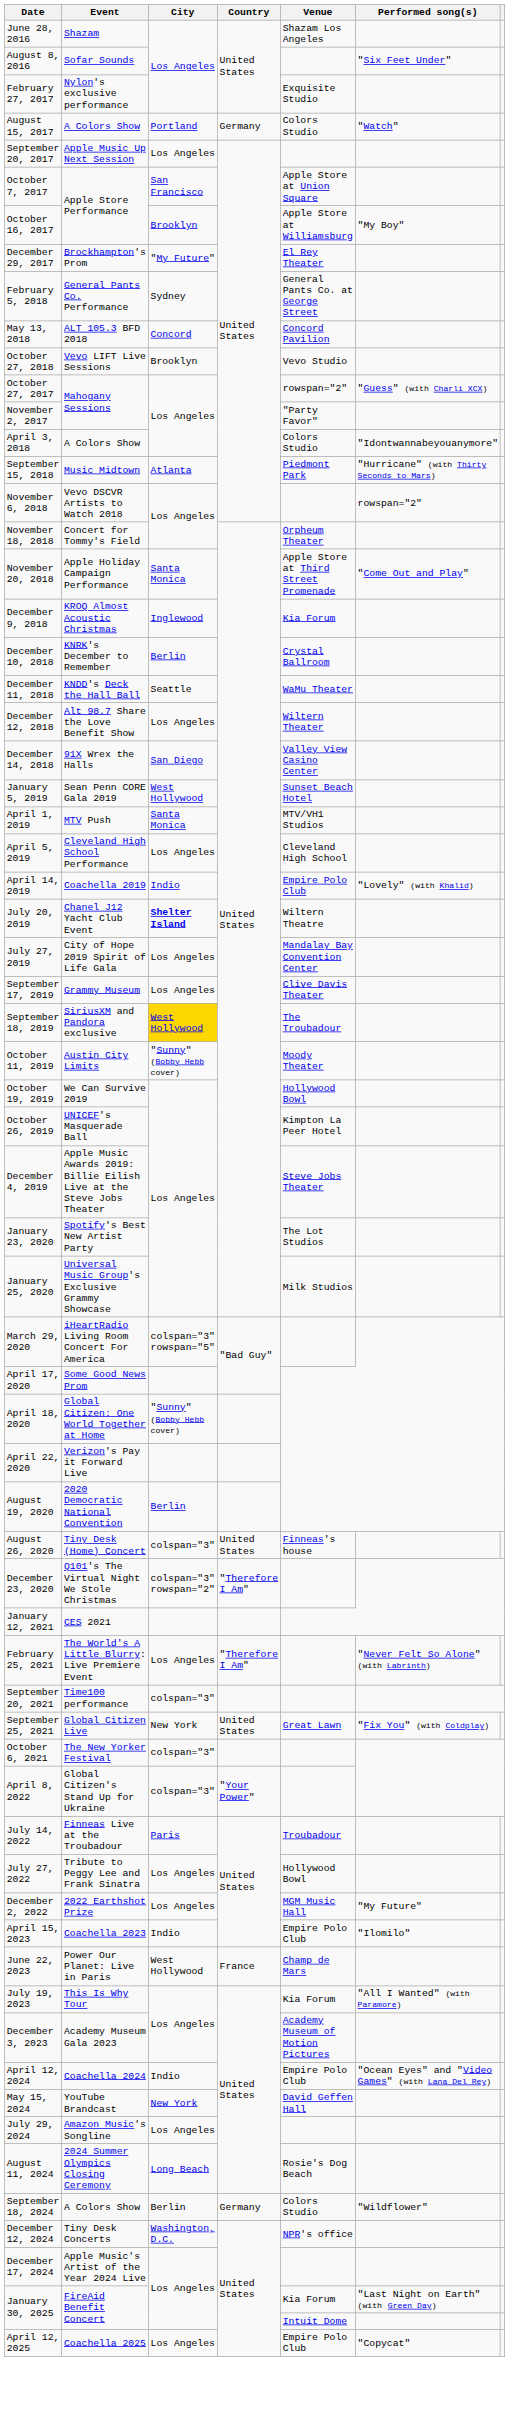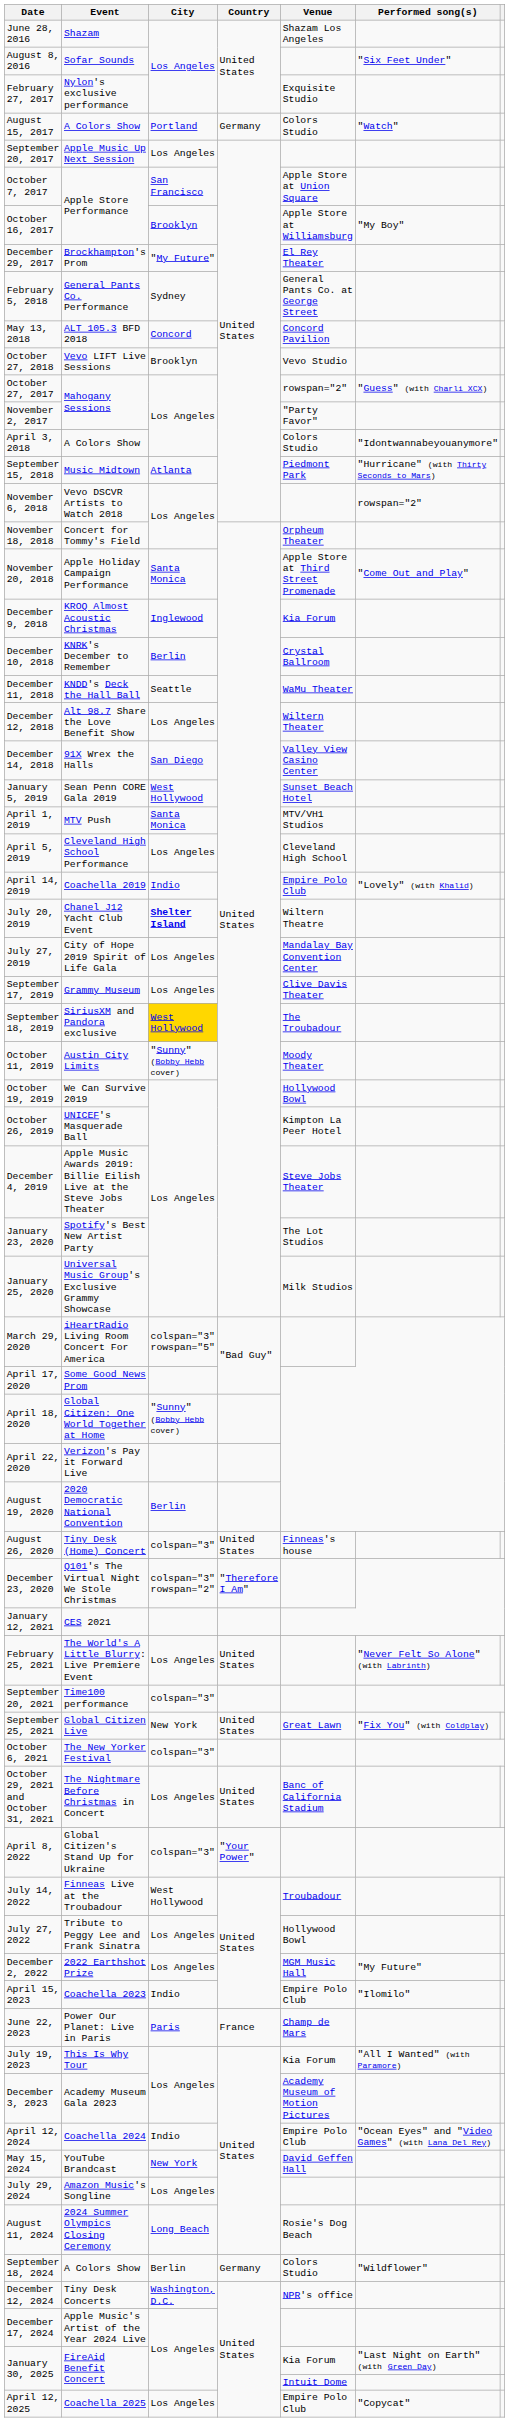 <table class="wikitable plainrowheaders">
 <tr>
 <th scope="col">Date</th>
 <th scope="col" class="unsortable">Event</th>
 <th scope="col" class="unsortable">City</th>
 <th>Country</th>
 <th>Venue</th>
 <th scope="col" class="unsortable">Performed song(s)</th>
 <th scope="col" class="unsortable"></th>
 </tr>
 <tr>
 <td>June 28, 2016</td>
 <td><a href='#'>Shazam</a></td>
 <td rowspan="3"><a href='#'>Los Angeles</a></td>
 <td rowspan="3">United States</td>
 <td>Shazam Los Angeles</td>
 <td></td>
 <td></td>
 </tr>
 <tr>
 <td>August 8, 2016</td>
 <td><a href='#'>Sofar Sounds</a></td>
 <td></td>
 <td>"<a href='#'>Six Feet Under</a>"</td>
 <td></td>
 </tr>
 <tr>
 <td>February 27, 2017</td>
 <td><a href='#'>Nylon</a>'s exclusive performance</td>
 <td>Exquisite Studio</td>
 <td></td>
 <td></td>
 </tr>
 <tr>
 <td>August 15, 2017</td>
 <td><a href='#'>A Colors Show</a></td>
 <td><a href='#'>Portland</a></td>
 <td>Germany</td>
 <td>Colors Studio</td>
 <td>"<a href='#'>Watch</a>"</td>
 <td></td>
 </tr>
 <tr>
 <td>September 20, 2017</td>
 <td><a href='#'>Apple Music Up Next Session</a></td>
 <td>Los Angeles</td>
 <td rowspan="12">United States</td>
 <td></td>
 <td></td>
 <td></td>
 </tr>
 <tr>
 <td>October 7, 2017</td>
 <td rowspan="2">Apple Store Performance</td>
 <td><a href='#'>San Francisco</a></td>
 <td>Apple Store at <a href='#'>Union Square</a></td>
 <td></td>
 <td></td>
 </tr>
 <tr>
 <td>October 16, 2017</td>
 <td><a href='#'>Brooklyn</a></td>
 <td>Apple Store at <a href='#'>Williamsburg</a></td>
 <td>"My Boy"</td>
 <td></td>
 </tr>
 <tr>
 <td>December 29, 2017</td>
 <td><a href='#'>Brockhampton</a>'s Prom</td>
 <td>"<a href='#'>My Future</a>"</td>
 <td><a href='#'>El Rey Theater</a></td>
 <td></td>
 </tr>
 <tr>
 <td>February 5, 2018</td>
 <td><a href='#'>General Pants Co.</a> Performance</td>
 <td>Sydney</td>
 <td>General Pants Co. at <a href='#'>George Street</a></td>
 <td></td>
 <td></td>
 </tr>
 <tr>
 <td>May 13, 2018</td>
 <td><a href='#'>ALT 105.3</a> BFD 2018</td>
 <td><a href='#'>Concord</a></td>
 <td><a href='#'>Concord Pavilion</a></td>
 <td></td>
 <td></td>
 </tr>
 <tr>
 <td>October 27, 2018</td>
 <td><a href='#'>Vevo</a> LIFT Live Sessions</td>
 <td>Brooklyn</td>
 <td>Vevo Studio</td>
 <td></td>
 <td></td>
 </tr>
 <tr>
 <td>October 27, 2017</td>
 <td rowspan="2"><a href='#'>Mahogany Sessions</a></td>
 <td rowspan="3">Los Angeles</td>
 <td>rowspan="2" </td>
 <td>"<a href='#'>Guess</a>" <small>(with <a href='#'>Charli XCX</a>)</small></td>
 <td></td>
 </tr>
 <tr>
 <td>November 2, 2017</td>
 <td>"Party Favor"</td>
 <td></td>
 </tr>
 <tr>
 <td>April 3, 2018</td>
 <td>A Colors Show</td>
 <td>Colors Studio</td>
 <td>"Idontwannabeyouanymore"</td>
 <td></td>
 </tr>
 <tr>
 <td>September 15, 2018</td>
 <td><a href='#'>Music Midtown</a></td>
 <td><a href='#'>Atlanta</a></td>
 <td><a href='#'>Piedmont Park</a></td>
 <td>"Hurricane" <small>(with <a href='#'>Thirty Seconds to Mars</a>)</small></td>
 <td></td>
 </tr>
 <tr>
 <td>November 6, 2018</td>
 <td>Vevo DSCVR Artists to Watch 2018</td>
 <td rowspan="2">Los Angeles</td>
 <td></td>
 <td>rowspan="2"</td>
 <td></td>
 </tr>
 <tr>
 <td>November 18, 2018</td>
 <td>Concert for Tommy's Field</td>
 <td rowspan="21">United States</td>
 <td><a href='#'>Orpheum Theater</a></td>
 <td></td>
 <td></td>
 </tr>
 <tr>
 <td>November 20, 2018</td>
 <td>Apple Holiday Campaign Performance</td>
 <td><a href='#'>Santa Monica</a></td>
 <td>Apple Store at <a href='#'>Third Street Promenade</a></td>
 <td>"<a href='#'>Come Out and Play</a>"</td>
 <td></td>
 </tr>
 <tr>
 <td>December 9, 2018</td>
 <td><a href='#'>KROQ Almost Acoustic Christmas</a></td>
 <td><a href='#'>Inglewood</a></td>
 <td><a href='#'>Kia Forum</a></td>
 <td></td>
 <td></td>
 </tr>
 <tr>
 <td>December 10, 2018</td>
 <td><a href='#'>KNRK</a>'s December to Remember</td>
 <td><a href='#'>Berlin</a></td>
 <td><a href='#'>Crystal Ballroom</a></td>
 <td></td>
 <td></td>
 </tr>
 <tr>
 <td>December 11, 2018</td>
 <td><a href='#'>KNDD</a>'s <a href='#'>Deck the Hall Ball</a></td>
 <td>Seattle</td>
 <td><a href='#'>WaMu Theater</a></td>
 <td></td>
 <td></td>
 </tr>
 <tr>
 <td>December 12, 2018</td>
 <td><a href='#'>Alt 98.7</a> Share the Love Benefit Show</td>
 <td>Los Angeles</td>
 <td><a href='#'>Wiltern Theater</a></td>
 <td></td>
 <td></td>
 </tr>
 <tr>
 <td>December 14, 2018</td>
 <td><a href='#'>91X</a> Wrex the Halls</td>
 <td><a href='#'>San Diego</a></td>
 <td><a href='#'>Valley View Casino Center</a></td>
 <td></td>
 <td></td>
 </tr>
 <tr>
 <td>January 5, 2019</td>
 <td>Sean Penn CORE Gala 2019</td>
 <td><a href='#'>West Hollywood</a></td>
 <td><a href='#'>Sunset Beach Hotel</a></td>
 <td></td>
 <td></td>
 </tr>
 <tr>
 <td>April 1, 2019</td>
 <td><a href='#'>MTV</a> Push</td>
 <td><a href='#'>Santa Monica</a></td>
 <td>MTV/VH1 Studios</td>
 <td></td>
 <td></td>
 </tr>
 <tr>
 <td>April 5, 2019</td>
 <td><a href='#'>Cleveland High School</a> Performance</td>
 <td>Los Angeles</td>
 <td>Cleveland High School</td>
 <td></td>
 <td></td>
 </tr>
 <tr>
 <td>April 14, 2019</td>
 <td><a href='#'>Coachella 2019</a></td>
 <td><a href='#'>Indio</a></td>
 <td><a href='#'>Empire Polo Club</a></td>
 <td>"Lovely" <small>(with <a href='#'>Khalid</a>)</small></td>
 <td></td>
 </tr>
 <tr>
 <td>July 20, 2019</td>
 <td><a href='#'>Chanel J12</a> Yacht Club Event</td>
 <td><strong><a href='#'>Shelter Island</a></strong></td>
 <td>Wiltern Theatre</td>
 <td></td>
 <td></td>
 </tr>
 <tr>
 <td>July 27, 2019</td>
 <td>City of Hope 2019 Spirit of Life Gala</td>
 <td>Los Angeles</td>
 <td><a href='#'>Mandalay Bay Convention Center</a></td>
 <td></td>
 <td></td>
 </tr>
 <tr>
 <td>September 17, 2019</td>
 <td><a href='#'>Grammy Museum</a></td>
 <td>Los Angeles</td>
 <td><a href='#'>Clive Davis Theater</a></td>
 <td></td>
 <td></td>
 </tr>
 <tr>
 <td>September 18, 2019</td>
 <td><a href='#'>SiriusXM</a> and <a href='#'>Pandora</a> exclusive</td>
 <td style="background: gold;"><a href='#'>West Hollywood</a></td>
 <td><a href='#'>The Troubadour</a></td>
 <td></td>
 <td></td>
 </tr>
 <tr>
 <td>October 11, 2019</td>
 <td><a href='#'>Austin City Limits</a></td>
 <td>"<a href='#'>Sunny</a>" <small>(<a href='#'>Bobby Hebb</a> cover)</small></td>
 <td><a href='#'>Moody Theater</a></td>
 <td></td>
 <td></td>
 </tr>
 <tr>
 <td>October 19, 2019</td>
 <td>We Can Survive 2019</td>
 <td rowspan="5">Los Angeles</td>
 <td><a href='#'>Hollywood Bowl</a></td>
 <td></td>
 <td></td>
 </tr>
 <tr>
 <td>October 26, 2019</td>
 <td><a href='#'>UNICEF</a>'s Masquerade Ball</td>
 <td>Kimpton La Peer Hotel</td>
 <td></td>
 <td></td>
 </tr>
 <tr>
 <td>December 4, 2019</td>
 <td>Apple Music Awards 2019: Billie Eilish Live at the Steve Jobs Theater</td>
 <td><a href='#'>Steve Jobs Theater</a></td>
 <td></td>
 <td></td>
 </tr>
 <tr>
 <td>January 23, 2020</td>
 <td><a href='#'>Spotify</a>'s Best New Artist Party</td>
 <td>The Lot Studios</td>
 <td></td>
 <td></td>
 </tr>
 <tr>
 <td>January 25, 2020</td>
 <td><a href='#'>Universal Music Group</a>'s Exclusive Grammy Showcase</td>
 <td>Milk Studios</td>
 <td></td>
 <td></td>
 </tr>
 <tr>
 <td>March 29, 2020</td>
 <td><a href='#'>iHeartRadio</a> Living Room Concert For America</td>
 <td>colspan="3" rowspan="5" </td>
 <td rowspan="2">"Bad Guy"</td>
 <td></td>
 </tr>
 <tr>
 <td>April 17, 2020</td>
 <td><a href='#'>Some Good News Prom</a></td>
 <td></td>
 </tr>
 <tr>
 <td>April 18, 2020</td>
 <td><a href='#'>Global Citizen: One World Together at Home</a></td>
 <td>"<a href='#'>Sunny</a>" <small>(<a href='#'>Bobby Hebb</a> cover)</small></td>
 <td></td>
 </tr>
 <tr>
 <td>April 22, 2020</td>
 <td><a href='#'>Verizon</a>'s Pay it Forward Live</td>
 <td></td>
 <td></td>
 </tr>
 <tr>
 <td>August 19, 2020</td>
 <td><a href='#'>2020 Democratic National Convention</a></td>
 <td><a href='#'>Berlin</a></td>
 <td></td>
 </tr>
 <tr>
 <td>August 26, 2020</td>
 <td><a href='#'>Tiny Desk (Home) Concert</a></td>
 <td>colspan="3" </td>
 <td>United States</td>
 <td><a href='#'>Finneas</a>'s house</td>
 <td></td>
 <td></td>
 </tr>
 <tr>
 <td>December 23, 2020</td>
 <td><a href='#'>Q101</a>'s The Virtual Night We Stole Christmas</td>
 <td>colspan="3" rowspan="2" </td>
 <td>"<a href='#'>Therefore I Am</a>"</td>
 <td></td>
 </tr>
 <tr>
 <td>January 12, 2021</td>
 <td><a href='#'>CES</a> 2021</td>
 <td></td>
 <td></td>
 </tr>
 <tr>
 <td>February 25, 2021</td>
 <td><a href='#'>The World's A Little Blurry</a>: Live Premiere Event</td>
 <td>Los Angeles</td>
-<td>"<a href='#'>Therefore I Am</a>"</td>
+<td>United States</td>
 <td></td>
 <td>"<a href='#'>Never Felt So Alone</a>" <small>(with <a href='#'>Labrinth</a>)</small></td>
 <td></td>
 </tr>
 <tr>
 <td>September 20, 2021</td>
 <td><a href='#'>Time100</a> performance</td>
 <td>colspan="3" </td>
 <td></td>
 <td></td>
 </tr>
 <tr>
 <td>September 25, 2021</td>
 <td><a href='#'>Global Citizen Live</a></td>
 <td>New York</td>
 <td>United States</td>
 <td><a href='#'>Great Lawn</a></td>
 <td>"<a href='#'>Fix You</a>" <small>(with <a href='#'>Coldplay</a>)</small></td>
 <td></td>
 </tr>
 <tr>
 <td>October 6, 2021</td>
 <td><a href='#'>The New Yorker Festival</a></td>
 <td>colspan="3" </td>
 <td></td>
 <td></td>
 </tr>
 <tr>
+<td>October 29, 2021 and October 31, 2021</td>
+<td><a href='#'>The Nightmare Before Christmas</a> in Concert</td>
+<td>Los Angeles</td>
+<td>United States</td>
+<td><a href='#'>Banc of California Stadium</a></td>
+<td></td>
+<td></td>
+</tr>
+<tr>
 <td>April 8, 2022</td>
 <td>Global Citizen's Stand Up for Ukraine</td>
 <td>colspan="3" </td>
 <td>"<a href='#'>Your Power</a>"</td>
 <td></td>
 </tr>
 <tr>
 <td>July 14, 2022</td>
 <td><a href='#'>Finneas</a> Live at the Troubadour</td>
-<td><a href='#'>Paris</a></td>
+<td>West Hollywood</td>
 <td rowspan="4">United States</td>
 <td><a href='#'>Troubadour</a></td>
 <td></td>
 <td></td>
 </tr>
 <tr>
 <td>July 27, 2022</td>
 <td>Tribute to Peggy Lee and Frank Sinatra</td>
 <td>Los Angeles</td>
 <td>Hollywood Bowl</td>
 <td></td>
 <td></td>
 </tr>
 <tr>
 <td>December 2, 2022</td>
 <td><a href='#'>2022 Earthshot Prize</a></td>
 <td>Los Angeles</td>
 <td><a href='#'>MGM Music Hall</a></td>
 <td>"My Future"</td>
 <td></td>
 </tr>
 <tr>
 <td>April 15, 2023</td>
 <td><a href='#'>Coachella 2023</a></td>
 <td>Indio</td>
 <td>Empire Polo Club</td>
 <td>"Ilomilo"</td>
 <td></td>
 </tr>
 <tr>
 <td>June 22, 2023</td>
 <td>Power Our Planet: Live in Paris</td>
-<td>West Hollywood</td>
+<td><a href='#'>Paris</a></td>
 <td>France</td>
 <td><a href='#'>Champ de Mars</a></td>
 <td></td>
 <td></td>
 </tr>
 <tr>
 <td>July 19, 2023</td>
 <td><a href='#'>This Is Why Tour</a></td>
 <td rowspan="2">Los Angeles</td>
 <td rowspan="6">United States</td>
 <td>Kia Forum</td>
 <td>"All I Wanted" <small>(with <a href='#'>Paramore</a>)</small></td>
 <td></td>
 </tr>
 <tr>
 <td>December 3, 2023</td>
 <td>Academy Museum Gala 2023</td>
 <td><a href='#'>Academy Museum of Motion Pictures</a></td>
 <td></td>
 <td></td>
 </tr>
 <tr>
 <td>April 12, 2024</td>
 <td><a href='#'>Coachella 2024</a></td>
 <td>Indio</td>
 <td>Empire Polo Club</td>
 <td>"Ocean Eyes" and "<a href='#'>Video Games</a>" <small>(with <a href='#'>Lana Del Rey</a>)</small></td>
 <td></td>
 </tr>
 <tr>
 <td>May 15, 2024</td>
 <td>YouTube Brandcast</td>
 <td><a href='#'>New York</a></td>
 <td><a href='#'>David Geffen Hall</a></td>
 <td></td>
 <td></td>
 </tr>
 <tr>
 <td>July 29, 2024</td>
 <td><a href='#'>Amazon Music</a>'s Songline</td>
 <td>Los Angeles</td>
 <td></td>
 <td></td>
 <td></td>
 </tr>
 <tr>
 <td>August 11, 2024</td>
 <td><a href='#'>2024 Summer Olympics Closing Ceremony</a></td>
 <td><a href='#'>Long Beach</a></td>
 <td>Rosie's Dog Beach</td>
 <td></td>
 <td></td>
 </tr>
 <tr>
 <td>September 18, 2024</td>
 <td>A Colors Show</td>
 <td>Berlin</td>
 <td>Germany</td>
 <td>Colors Studio</td>
 <td>"Wildflower"</td>
 <td></td>
 </tr>
 <tr>
 <td>December 12, 2024</td>
 <td>Tiny Desk Concerts</td>
 <td><a href='#'>Washington, D.C.</a></td>
 <td rowspan="5">United States</td>
 <td><a href='#'>NPR</a>'s office</td>
 <td></td>
 <td></td>
 </tr>
 <tr>
 <td>December 17, 2024</td>
 <td>Apple Music's Artist of the Year 2024 Live</td>
 <td rowspan="3">Los Angeles</td>
 <td></td>
 <td></td>
 <td></td>
 </tr>
 <tr>
 <td rowspan="2">January 30, 2025</td>
 <td rowspan="2"><a href='#'>FireAid Benefit Concert</a></td>
 <td>Kia Forum</td>
 <td>"Last Night on Earth" <small>(with</small> <small><a href='#'>Green Day</a>)</small></td>
 <td></td>
 </tr>
 <tr>
 <td><a href='#'>Intuit Dome</a></td>
 <td></td>
 <td></td>
 </tr>
 <tr>
 <td>April 12, 2025</td>
 <td><a href='#'>Coachella 2025</a></td>
 <td>Los Angeles</td>
 <td>Empire Polo Club</td>
 <td>"Copycat"</td>
 <td></td>
 </tr>
 </table>
